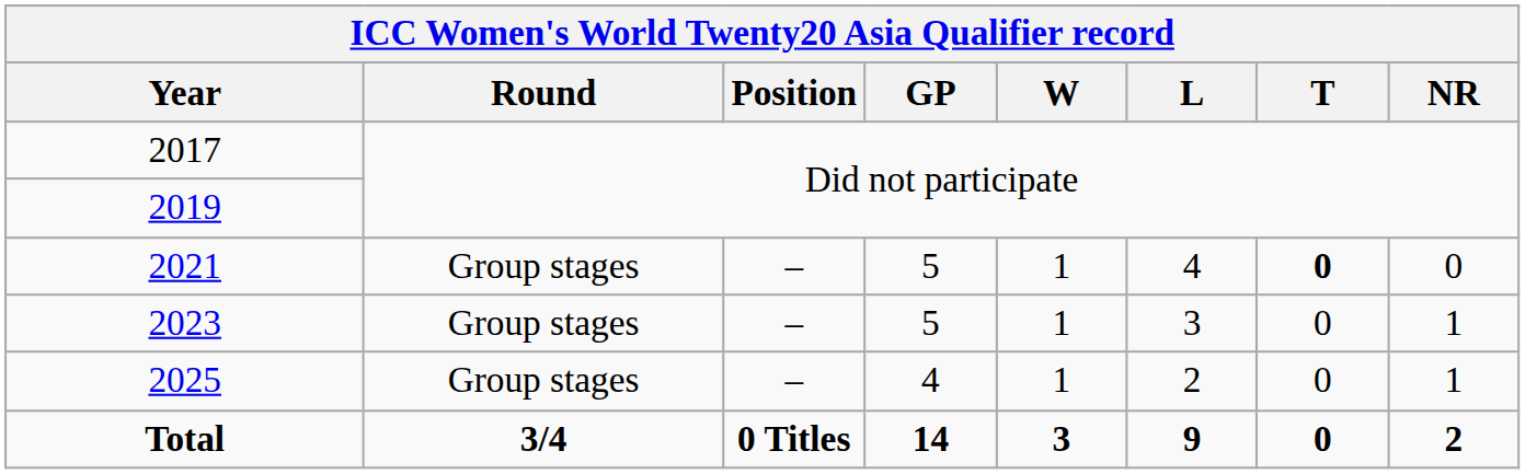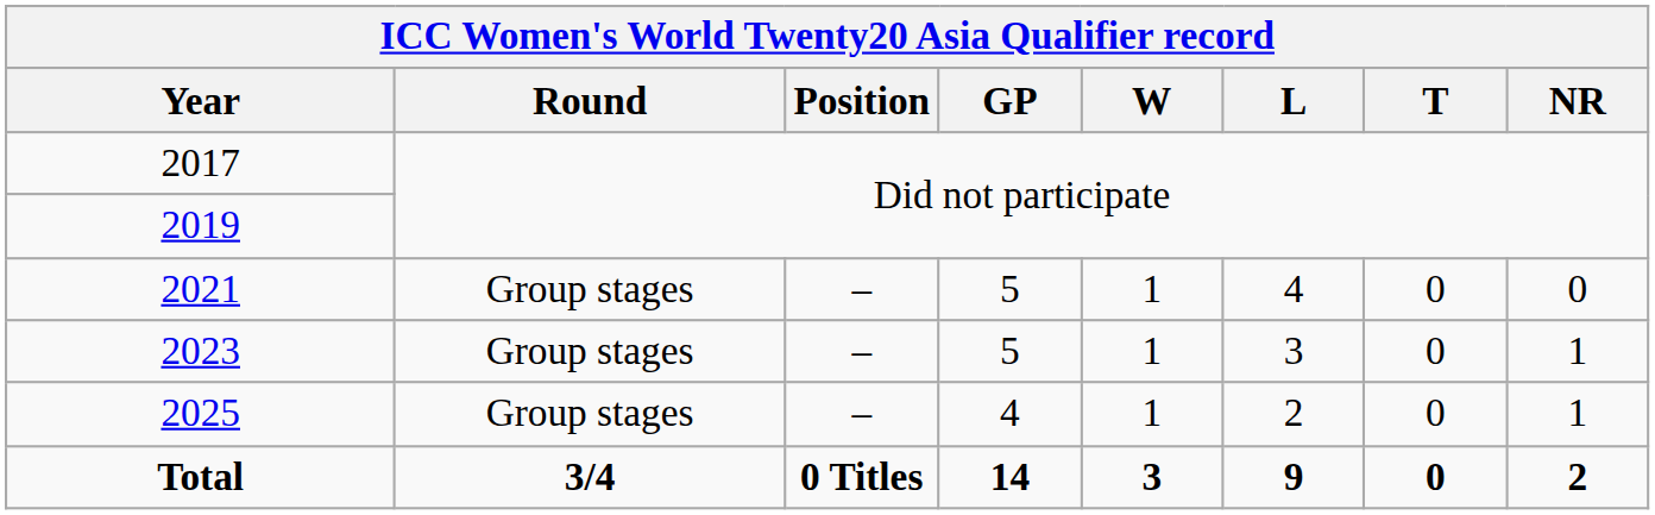 <table class="wikitable" style="text-align: center;">
 <tr>
 <th colspan=8><a href='#'>ICC Women's World Twenty20 Asia Qualifier record</a></th>
 </tr>
 <tr>
 <th width=150>Year</th>
 <th width=150>Round</th>
 <th width=50>Position</th>
 <th width=50>GP</th>
 <th width=50>W</th>
 <th width=50>L</th>
 <th width=50>T</th>
 <th width=50>NR</th>
 </tr>
 <tr>
 <td> 2017</td>
 <td colspan=7  rowspan=2>Did not participate</td>
 </tr>
 <tr>
 <td> <a href='#'>2019</a></td>
 </tr>
 <tr>
 <td> <a href='#'>2021</a></td>
 <td>Group stages</td>
 <td>–</td>
 <td>5</td>
 <td>1</td>
 <td>4</td>
-<td><strong>0</strong></td>
+<td>0</td>
 <td>0</td>
 </tr>
 <tr>
 <td> <a href='#'>2023</a></td>
 <td>Group stages</td>
 <td>–</td>
 <td>5</td>
 <td>1</td>
 <td>3</td>
 <td>0</td>
 <td>1</td>
 </tr>
 <tr>
 <td> <a href='#'>2025</a></td>
 <td>Group stages</td>
 <td>–</td>
 <td>4</td>
 <td>1</td>
 <td>2</td>
 <td>0</td>
 <td>1</td>
 </tr>
 <tr>
 <td><strong>Total</strong></td>
 <td><strong>3/4</strong></td>
 <td><strong>0 Titles</strong></td>
 <td><strong>14</strong></td>
 <td><strong>3</strong></td>
 <td><strong>9</strong></td>
 <td><strong>0</strong></td>
 <td><strong>2</strong></td>
 </tr>
 </table>
